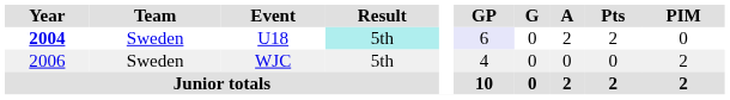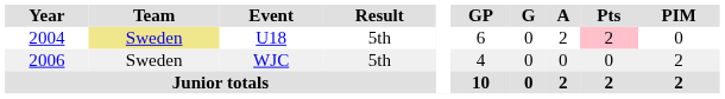 <table border="0" cellpadding="1" cellspacing="0" style="text-align:center; width:40em">
 <tr ALIGN="center" bgcolor="#e0e0e0">
 <th>Year</th>
 <th>Team</th>
 <th>Event</th>
 <th>Result</th>
 <th rowspan="99" bgcolor="#ffffff"> </th>
 <th>GP</th>
 <th>G</th>
 <th>A</th>
 <th>Pts</th>
 <th>PIM</th>
 </tr>
 <tr ALIGN="center">
-<td><strong><a href='#'>2004</a></strong></td>
-<td><a href='#'>Sweden</a></td>
+<td><a href='#'>2004</a></td>
+<td style="background: khaki;"><a href='#'>Sweden</a></td>
 <td><a href='#'>U18</a></td>
-<td style="background: paleturquoise;">5th</td>
-<td style="background: lavender;">6</td>
+<td>5th</td>
+<td>6</td>
 <td>0</td>
 <td>2</td>
-<td>2</td>
+<td style="background: pink;">2</td>
 <td>0</td>
 </tr>
 <tr ALIGN="center" bgcolor="#f0f0f0">
 <td><a href='#'>2006</a></td>
 <td>Sweden</td>
 <td><a href='#'>WJC</a></td>
 <td>5th</td>
 <td>4</td>
 <td>0</td>
 <td>0</td>
 <td>0</td>
 <td>2</td>
 </tr>
 <tr bgcolor="#e0e0e0">
 <th colspan="4">Junior totals</th>
 <th>10</th>
 <th>0</th>
 <th>2</th>
 <th>2</th>
 <th>2</th>
 </tr>
 </table>
